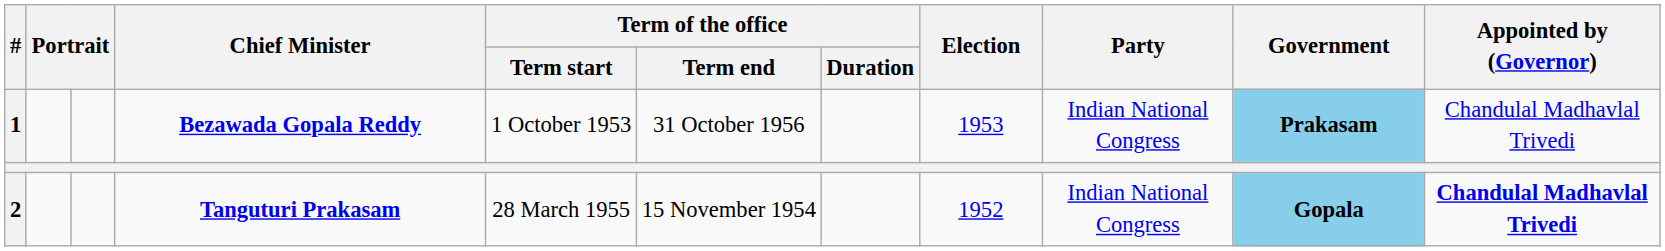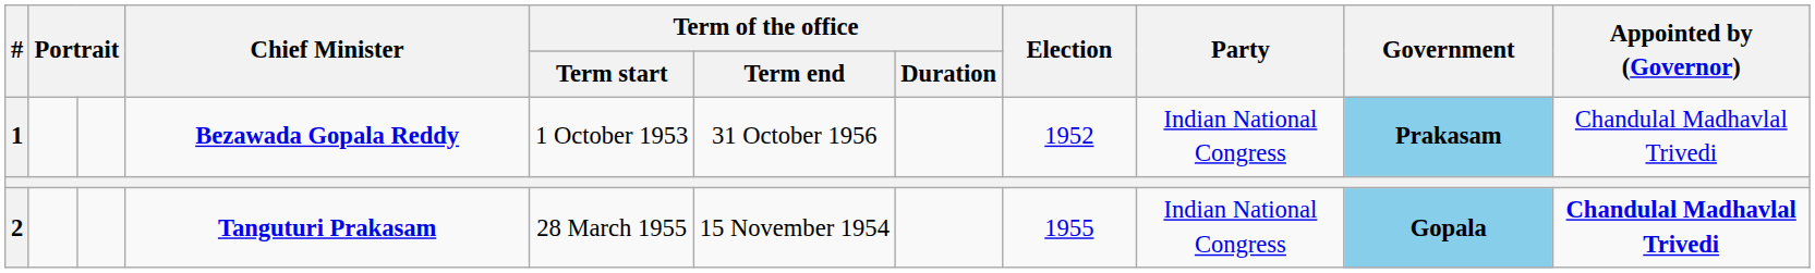 <table class="wikitable" style="line-height:1.4em; text-align:center">
 <tr>
 <th rowspan=2>#</th>
 <th rowspan=2 colspan="2">Portrait</th>
 <th rowspan=2 style="width:16em">Chief Minister<br></th>
 <th colspan="3">Term of the office</th>
 <th rowspan=2 style="width:5em">Election<br></th>
 <th rowspan=2 style="width:8em">Party</th>
 <th rowspan=2 style="width:8em">Government</th>
 <th rowspan=2 style="width:10em">Appointed by<br>(<a href='#'>Governor</a>)</th>
 </tr>
 <tr>
 <th>Term start</th>
 <th>Term end</th>
 <th>Duration</th>
 </tr>
 <tr>
 <th>1</th>
 <td></td>
 <td></td>
 <td><strong><a href='#'>Bezawada Gopala Reddy</a></strong><br></td>
 <td>1 October 1953</td>
 <td>31 October 1956</td>
 <td><strong></strong></td>
-<td><a href='#'>1953</a><br></td>
+<td><a href='#'>1952</a><br></td>
 <td><a href='#'>Indian National Congress</a></td>
 <td bgcolor="#87CEEB"><strong>Prakasam</strong></td>
 <td><a href='#'>Chandulal Madhavlal Trivedi</a></td>
 </tr>
 <tr>
 <th colspan="11"></th>
 </tr>
 <tr>
 <th>2</th>
 <td></td>
 <td></td>
 <td><strong><a href='#'>Tanguturi Prakasam</a></strong><br></td>
 <td>28 March 1955</td>
 <td>15 November 1954</td>
 <td><strong></strong></td>
-<td><a href='#'>1952</a><br></td>
+<td><a href='#'>1955</a><br></td>
 <td><a href='#'>Indian National Congress</a></td>
 <td bgcolor="#87CEEB"><strong>Gopala</strong></td>
 <td><strong><a href='#'>Chandulal Madhavlal Trivedi</a></strong></td>
 </tr>
 </table>
